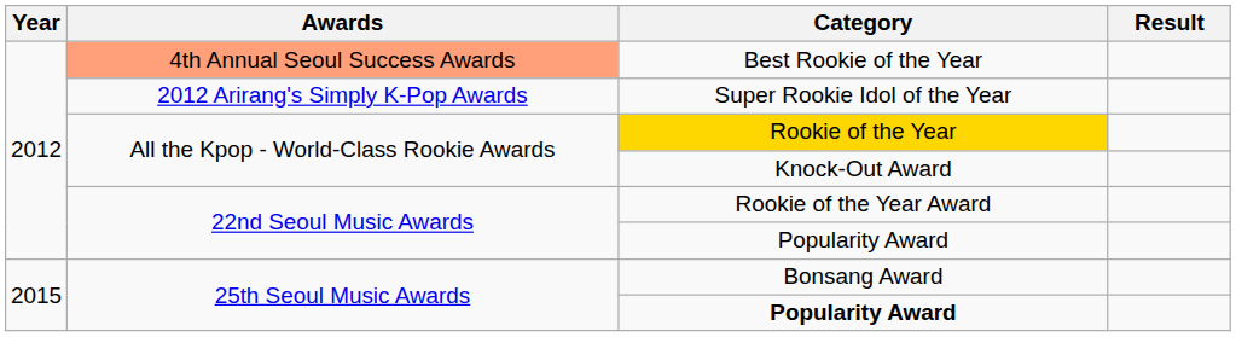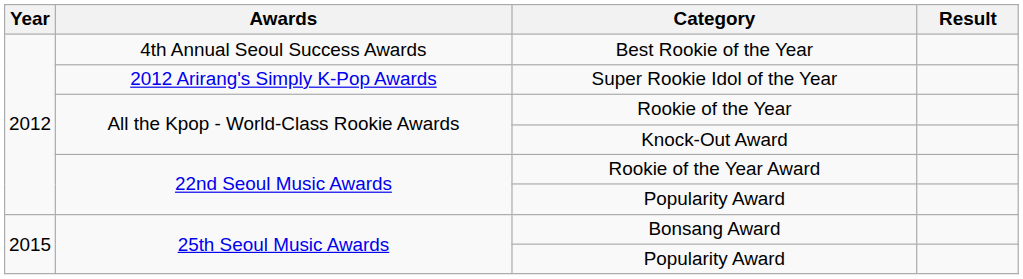 <table class="wikitable" style="text-align:center">
 <tr>
 <th width=5%>Year</th>
 <th style="width:45%">Awards</th>
 <th style="width:40%">Category</th>
 <th style="width:10%">Result</th>
 </tr>
 <tr>
 <td rowspan="6">2012</td>
-<td style="background: lightsalmon;">4th Annual Seoul Success Awards</td>
+<td>4th Annual Seoul Success Awards</td>
 <td>Best Rookie of the Year</td>
 <td></td>
 </tr>
 <tr>
 <td><a href='#'>2012 Arirang's Simply K-Pop Awards</a></td>
 <td>Super Rookie Idol of the Year</td>
 <td></td>
 </tr>
 <tr>
 <td rowspan="2">All the Kpop - World-Class Rookie Awards</td>
-<td style="background: gold;">Rookie of the Year</td>
+<td>Rookie of the Year</td>
 <td></td>
 </tr>
 <tr>
 <td>Knock-Out Award</td>
 <td></td>
 </tr>
 <tr>
 <td rowspan="2"><a href='#'>22nd Seoul Music Awards</a></td>
 <td>Rookie of the Year Award</td>
 <td></td>
 </tr>
 <tr>
 <td>Popularity Award</td>
 <td></td>
 </tr>
 <tr>
 <td rowspan="2">2015</td>
 <td rowspan="2"><a href='#'>25th Seoul Music Awards</a></td>
 <td>Bonsang Award</td>
 <td></td>
 </tr>
 <tr>
-<td><strong>Popularity Award</strong></td>
+<td>Popularity Award</td>
 <td></td>
 </tr>
 </table>
